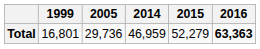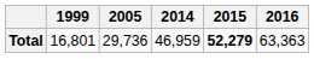 <table class="wikitable">
 <tr>
 <th></th>
 <th>1999</th>
 <th>2005</th>
 <th>2014</th>
 <th>2015</th>
 <th>2016</th>
 </tr>
 <tr>
 <th>Total</th>
 <td>16,801</td>
 <td>29,736</td>
 <td>46,959</td>
-<td>52,279</td>
-<td><strong>63,363</strong></td>
+<td><strong>52,279</strong></td>
+<td>63,363</td>
 </tr>
 </table>
